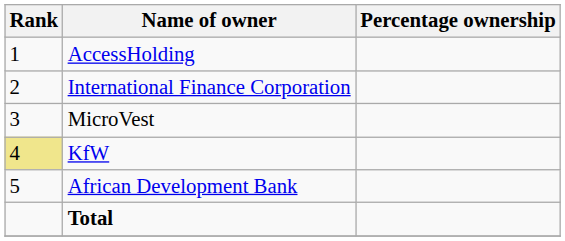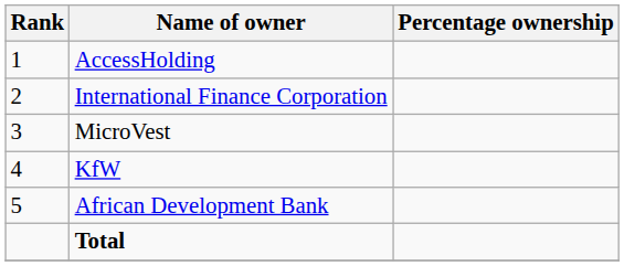 <table class="wikitable sortable" style="margin: 0.5em auto">
 <tr>
 <th>Rank</th>
 <th>Name of owner</th>
 <th>Percentage ownership</th>
 </tr>
 <tr>
 <td>1</td>
 <td><a href='#'>AccessHolding</a></td>
 <td></td>
 </tr>
 <tr>
 <td>2</td>
 <td><a href='#'>International Finance Corporation</a></td>
 <td></td>
 </tr>
 <tr>
 <td>3</td>
 <td>MicroVest</td>
 <td></td>
 </tr>
 <tr>
-<td style="background: khaki;">4</td>
+<td>4</td>
 <td><a href='#'>KfW</a></td>
 <td></td>
 </tr>
 <tr>
 <td>5</td>
 <td><a href='#'>African Development Bank</a></td>
 <td></td>
 </tr>
 <tr>
 <td></td>
 <td><strong>Total</strong></td>
 <td></td>
 </tr>
 <tr>
 </tr>
 </table>
